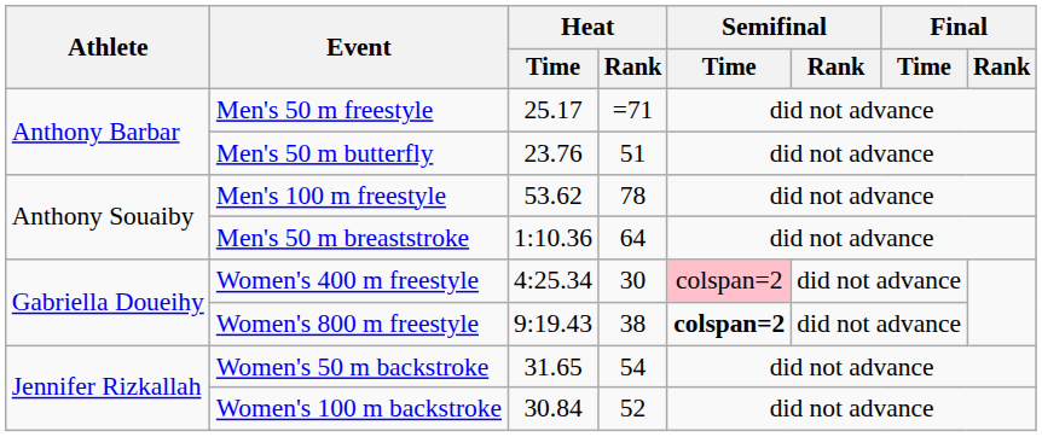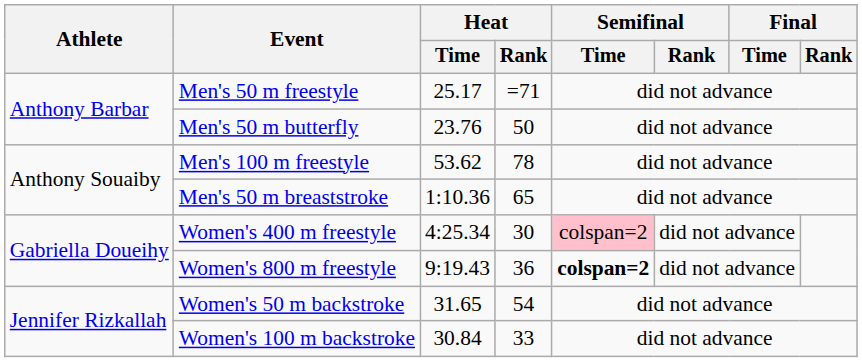 <table class=wikitable style="font-size:90%">
 <tr>
 <th rowspan="2">Athlete</th>
 <th rowspan="2">Event</th>
 <th colspan="2">Heat</th>
 <th colspan="2">Semifinal</th>
 <th colspan="2">Final</th>
 </tr>
 <tr style="font-size:95%">
 <th>Time</th>
 <th>Rank</th>
 <th>Time</th>
 <th>Rank</th>
 <th>Time</th>
 <th>Rank</th>
 </tr>
 <tr align=center>
 <td align=left rowspan=2><a href='#'>Anthony Barbar</a></td>
 <td align=left><a href='#'>Men's 50 m freestyle</a></td>
 <td>25.17</td>
 <td>=71</td>
 <td colspan=4>did not advance</td>
 </tr>
 <tr align=center>
 <td align=left><a href='#'>Men's 50 m butterfly</a></td>
 <td>23.76</td>
-<td>51</td>
+<td>50</td>
 <td colspan=4>did not advance</td>
 </tr>
 <tr align=center>
 <td align=left rowspan=2>Anthony Souaiby</td>
 <td align=left><a href='#'>Men's 100 m freestyle</a></td>
 <td>53.62</td>
 <td>78</td>
 <td colspan=4>did not advance</td>
 </tr>
 <tr align=center>
 <td align=left><a href='#'>Men's 50 m breaststroke</a></td>
 <td>1:10.36</td>
-<td>64</td>
+<td>65</td>
 <td colspan=4>did not advance</td>
 </tr>
 <tr align=center>
 <td align=left rowspan=2><a href='#'>Gabriella Doueihy</a></td>
 <td align=left><a href='#'>Women's 400 m freestyle</a></td>
 <td>4:25.34</td>
 <td>30</td>
 <td style="background: pink;">colspan=2 </td>
 <td colspan=2>did not advance</td>
 </tr>
 <tr align=center>
 <td align=left><a href='#'>Women's 800 m freestyle</a></td>
 <td>9:19.43</td>
-<td>38</td>
+<td>36</td>
 <td><strong>colspan=2 </strong></td>
 <td colspan=2>did not advance</td>
 </tr>
 <tr align=center>
 <td align=left rowspan=2><a href='#'>Jennifer Rizkallah</a></td>
 <td align=left><a href='#'>Women's 50 m backstroke</a></td>
 <td>31.65</td>
 <td>54</td>
 <td colspan=4>did not advance</td>
 </tr>
 <tr align=center>
 <td align=left><a href='#'>Women's 100 m backstroke</a></td>
 <td>30.84</td>
-<td>52</td>
+<td>33</td>
 <td colspan=4>did not advance</td>
 </tr>
 </table>
